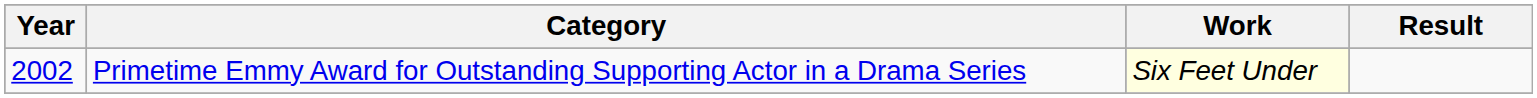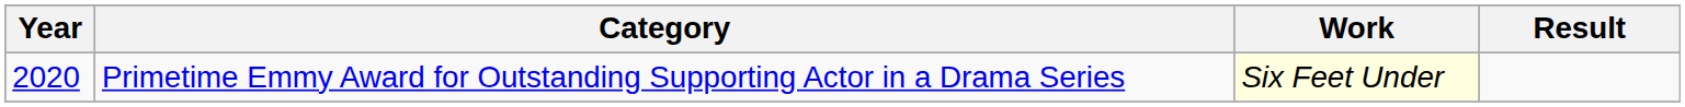 <table class="wikitable plainrowheaders sortable" style="width:100%;">
 <tr style="background:#ccc; text-align:center;">
 <th scope="col" with=2%>Year</th>
 <th scope="col" style="min-width: 140px; max-width: 165px;">Category</th>
 <th scope="col" style="min-width: 110px; max-width: 120px;">Work</th>
 <th scope="col" width=12%>Result</th>
 </tr>
 <tr>
-<td><a href='#'>2002</a></td>
+<td><a href='#'>2020</a></td>
 <td><a href='#'>Primetime Emmy Award for Outstanding Supporting Actor in a Drama Series</a></td>
 <td style="background: lightyellow;"><em>Six Feet Under</em></td>
 <td></td>
 </tr>
 </table>
